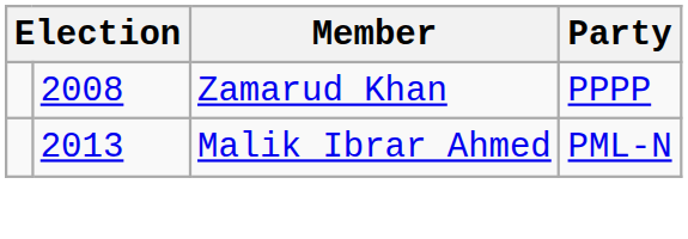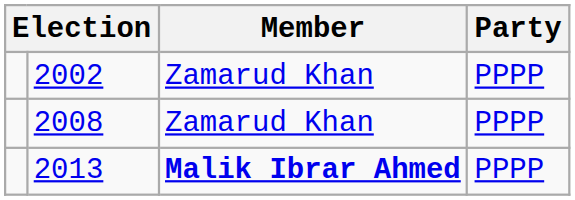 <table class="wikitable">
 <tr>
 <th colspan="2">Election</th>
 <th>Member</th>
 <th>Party</th>
+</tr>
+<tr>
+<td style="background-color: "></td>
+<td><a href='#'>2002</a></td>
+<td><a href='#'>Zamarud Khan</a></td>
+<td><a href='#'>PPPP</a></td>
 </tr>
 <tr>
 <td style="background-color: "></td>
 <td><a href='#'>2008</a></td>
 <td><a href='#'>Zamarud Khan</a></td>
 <td><a href='#'>PPPP</a></td>
 </tr>
 <tr>
 <td style="background-color: "></td>
 <td><a href='#'>2013</a></td>
-<td><a href='#'>Malik Ibrar Ahmed</a></td>
-<td><a href='#'>PML-N</a></td>
+<td><strong><a href='#'>Malik Ibrar Ahmed</a></strong></td>
+<td><a href='#'>PPPP</a></td>
 </tr>
 </table>
